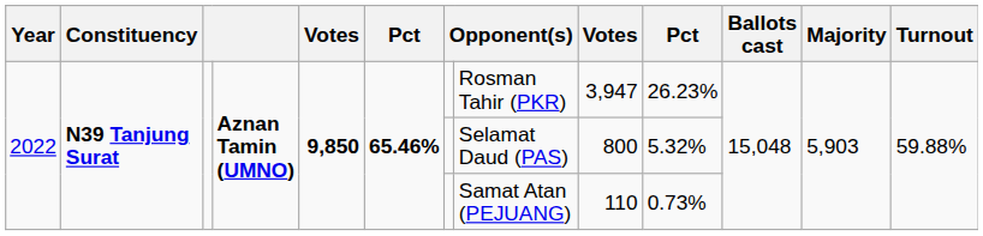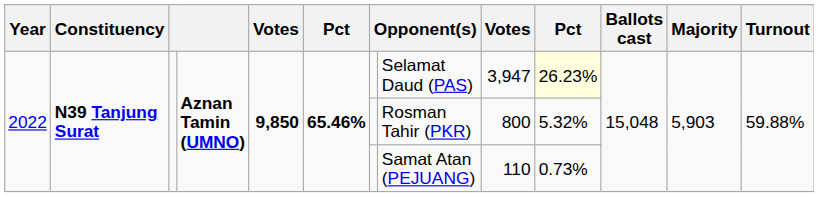 <table class="wikitable" style="margin:0.5em ; font-size:95%">
 <tr>
 <th>Year</th>
 <th>Constituency</th>
 <th colspan=2></th>
 <th>Votes</th>
 <th>Pct</th>
 <th colspan=2>Opponent(s)</th>
 <th>Votes</th>
 <th>Pct</th>
 <th>Ballots cast</th>
 <th>Majority</th>
 <th>Turnout</th>
 </tr>
 <tr>
 <td rowspan=3><a href='#'>2022</a></td>
 <td rowspan=3><strong>N39 <a href='#'>Tanjung Surat</a></strong></td>
 <td rowspan=3 ></td>
 <td rowspan=3><strong>Aznan Tamin (<a href='#'>UMNO</a>)</strong></td>
 <td rowspan=3 align="right"><strong>9,850</strong></td>
 <td rowspan=3><strong>65.46%</strong></td>
 <td></td>
-<td>Rosman Tahir (<a href='#'>PKR</a>)</td>
+<td>Selamat Daud (<a href='#'>PAS</a>)</td>
 <td align="right">3,947</td>
-<td>26.23%</td>
+<td style="background: lightyellow;">26.23%</td>
 <td rowspan=3>15,048</td>
 <td rowspan=3>5,903</td>
 <td rowspan=3>59.88%</td>
 </tr>
 <tr>
 <td></td>
-<td>Selamat Daud (<a href='#'>PAS</a>)</td>
+<td>Rosman Tahir (<a href='#'>PKR</a>)</td>
 <td align="right">800</td>
 <td>5.32%</td>
 </tr>
 <tr>
 <td></td>
 <td>Samat Atan (<a href='#'>PEJUANG</a>)</td>
 <td align="right">110</td>
 <td>0.73%</td>
 </tr>
 </table>
